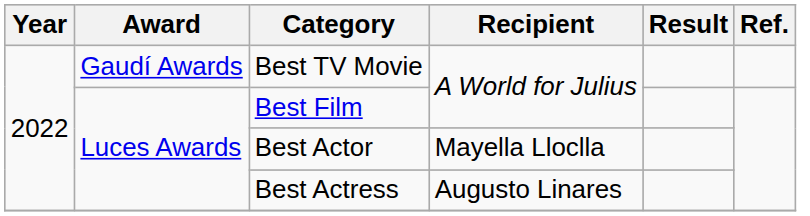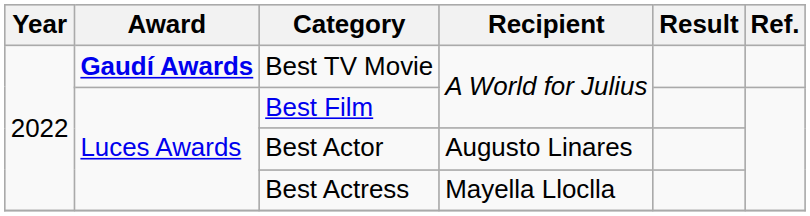 <table class="wikitable">
 <tr>
 <th>Year</th>
 <th>Award</th>
 <th>Category</th>
 <th>Recipient</th>
 <th>Result</th>
 <th>Ref.</th>
 </tr>
 <tr>
 <td rowspan="4">2022</td>
-<td><a href='#'>Gaudí Awards</a></td>
+<td><strong><a href='#'>Gaudí Awards</a></strong></td>
 <td>Best TV Movie</td>
 <td rowspan="2"><em>A World for Julius</em></td>
 <td></td>
 <td></td>
 </tr>
 <tr>
 <td rowspan="3"><a href='#'>Luces Awards</a></td>
 <td><a href='#'>Best Film</a></td>
 <td></td>
 <td rowspan="3"></td>
 </tr>
 <tr>
 <td>Best Actor</td>
-<td>Mayella Lloclla</td>
+<td>Augusto Linares</td>
 <td></td>
 </tr>
 <tr>
 <td>Best Actress</td>
-<td>Augusto Linares</td>
+<td>Mayella Lloclla</td>
 <td></td>
 </tr>
 <tr>
 </tr>
 </table>
